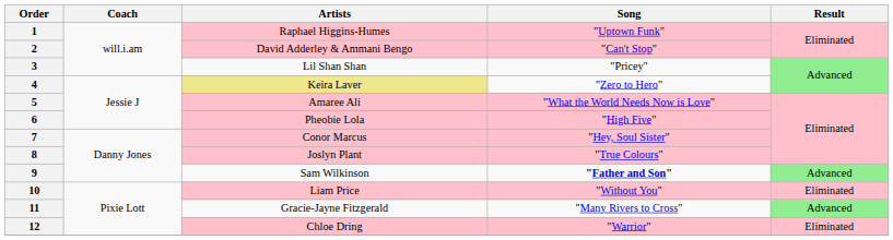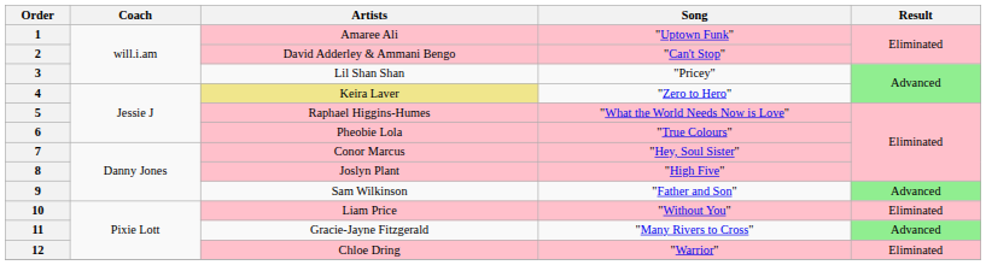 <table class="wikitable" style="text-align:center; width:100%;”">
 <tr>
 <th style="width:05%;">Order</th>
 <th style="width:10%;">Coach</th>
 <th style="width:26%;">Artists</th>
 <th style="width:24%;">Song</th>
 <th style="width:10%;">Result</th>
 </tr>
 <tr>
 <th scope="col">1</th>
 <td rowspan="3">will.i.am</td>
-<td style="background:pink;text-align:center;">Raphael Higgins-Humes</td>
+<td style="background:pink;text-align:center;">Amaree Ali</td>
 <td style="background:pink;text-align:center;">"<a href='#'>Uptown Funk</a>"</td>
 <td rowspan="2" style="background:pink;text-align:center;">Eliminated</td>
 </tr>
 <tr>
 <th scope="col">2</th>
 <td style="background:pink;text-align:center;">David Adderley & Ammani Bengo</td>
 <td style="background:pink;text-align:center;">"<a href='#'>Can't Stop</a>"</td>
 </tr>
 <tr>
 <th scope="col">3</th>
 <td>Lil Shan Shan</td>
 <td>"Pricey"</td>
 <td rowspan="2" style="background:lightgreen;text-align:center;">Advanced</td>
 </tr>
 <tr>
 <th scope="col">4</th>
 <td rowspan="3">Jessie J</td>
 <td style="background: khaki;">Keira Laver</td>
 <td>"<a href='#'>Zero to Hero</a>"</td>
 </tr>
 <tr>
 <th scope="col">5</th>
-<td style="background:pink;text-align:center;">Amaree Ali</td>
+<td style="background:pink;text-align:center;">Raphael Higgins-Humes</td>
 <td style="background:pink;text-align:center;">"<a href='#'>What the World Needs Now is Love</a>"</td>
 <td rowspan="4" style="background:pink;text-align:center;">Eliminated</td>
 </tr>
 <tr>
 <th scope="col">6</th>
 <td style="background:pink;text-align:center;">Pheobie Lola</td>
-<td style="background:pink;text-align:center;">"<a href='#'>High Five</a>"</td>
+<td style="background:pink;text-align:center;">"<a href='#'>True Colours</a>"</td>
 </tr>
 <tr>
 <th scope="col">7</th>
 <td rowspan="3">Danny Jones</td>
 <td style="background:pink;text-align:center;">Conor Marcus</td>
 <td style="background:pink;text-align:center;">"<a href='#'>Hey, Soul Sister</a>"</td>
 </tr>
 <tr>
 <th scope="col">8</th>
 <td style="background:pink;text-align:center;">Joslyn Plant</td>
-<td style="background:pink;text-align:center;">"<a href='#'>True Colours</a>"</td>
+<td style="background:pink;text-align:center;">"<a href='#'>High Five</a>"</td>
 </tr>
 <tr>
 <th scope="col">9</th>
 <td>Sam Wilkinson</td>
-<td><strong>"<a href='#'>Father and Son</a>"</strong></td>
+<td>"<a href='#'>Father and Son</a>"</td>
 <td style="background:lightgreen;text-align:center;">Advanced</td>
 </tr>
 <tr>
 <th scope="col">10</th>
 <td rowspan="3">Pixie Lott</td>
 <td style="background:pink;text-align:center;">Liam Price</td>
 <td style="background:pink;text-align:center;">"<a href='#'>Without You</a>"</td>
 <td style="background:pink;text-align:center;">Eliminated</td>
 </tr>
 <tr>
 <th scope="col">11</th>
 <td>Gracie-Jayne Fitzgerald</td>
 <td>"<a href='#'>Many Rivers to Cross</a>"</td>
 <td style="background:lightgreen;text-align:center;">Advanced</td>
 </tr>
 <tr>
 <th scope="col">12</th>
 <td style="background:pink;text-align:center;">Chloe Dring</td>
 <td style="background:pink;text-align:center;">"<a href='#'>Warrior</a>"</td>
 <td style="background:pink;text-align:center;">Eliminated</td>
 </tr>
 <tr>
 </tr>
 </table>
